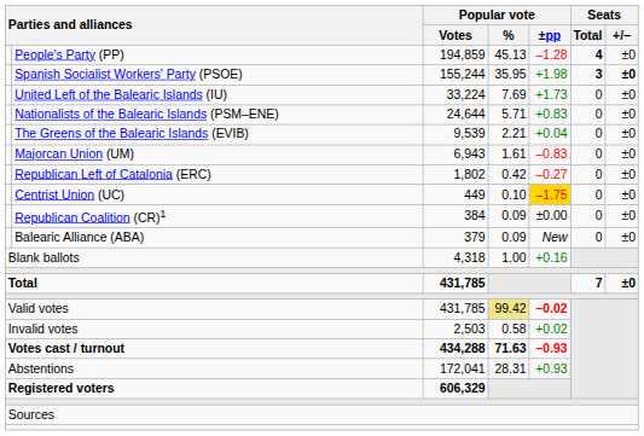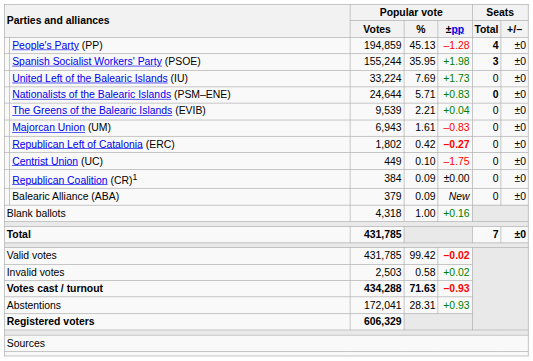 <table class="wikitable" style="text-align:right;">
 <tr>
 <th style="text-align:left;" rowspan="2" colspan="2" width="525">Parties and alliances</th>
 <th colspan="3">Popular vote</th>
 <th colspan="2">Seats</th>
 </tr>
 <tr>
 <th width="75">Votes</th>
 <th width="45">%</th>
 <th width="45">±<a href='#'>pp</a></th>
 <th width="35">Total</th>
 <th width="35">+/−</th>
 </tr>
 <tr>
 <td width="1" style="color:inherit;background:"></td>
 <td align="left"><a href='#'>People's Party</a> (PP)</td>
 <td>194,859</td>
 <td>45.13</td>
 <td style="color:red;">–1.28</td>
 <td><strong>4</strong></td>
 <td>±0</td>
 </tr>
 <tr>
 <td style="color:inherit;background:"></td>
 <td align="left"><a href='#'>Spanish Socialist Workers' Party</a> (PSOE)</td>
 <td>155,244</td>
 <td>35.95</td>
 <td style="color:green;">+1.98</td>
 <td><strong>3</strong></td>
-<td><strong>±0</strong></td>
+<td>±0</td>
 </tr>
 <tr>
 <td style="color:inherit;background:"></td>
 <td align="left"><a href='#'>United Left of the Balearic Islands</a> (IU)</td>
 <td>33,224</td>
 <td>7.69</td>
 <td style="color:green;">+1.73</td>
 <td>0</td>
 <td>±0</td>
 </tr>
 <tr>
 <td style="color:inherit;background:"></td>
 <td align="left"><a href='#'>Nationalists of the Balearic Islands</a> (PSM–ENE)</td>
 <td>24,644</td>
 <td>5.71</td>
 <td style="color:green;">+0.83</td>
-<td>0</td>
+<td><strong>0</strong></td>
 <td>±0</td>
 </tr>
 <tr>
 <td style="color:inherit;background:"></td>
 <td align="left"><a href='#'>The Greens of the Balearic Islands</a> (EVIB)</td>
 <td>9,539</td>
 <td>2.21</td>
 <td style="color:green;">+0.04</td>
 <td>0</td>
 <td>±0</td>
 </tr>
 <tr>
 <td style="color:inherit;background:"></td>
 <td align="left"><a href='#'>Majorcan Union</a> (UM)</td>
 <td>6,943</td>
 <td>1.61</td>
 <td style="color:red;">–0.83</td>
 <td>0</td>
 <td>±0</td>
 </tr>
 <tr>
 <td style="color:inherit;background:"></td>
 <td align="left"><a href='#'>Republican Left of Catalonia</a> (ERC)</td>
 <td>1,802</td>
 <td>0.42</td>
-<td style="color:red;">–0.27</td>
+<td style="color:red;"><strong>–0.27</strong></td>
 <td>0</td>
 <td>±0</td>
 </tr>
 <tr>
 <td style="color:inherit;background:"></td>
 <td align="left"><a href='#'>Centrist Union</a> (UC)</td>
 <td>449</td>
 <td>0.10</td>
-<td style="background: gold; color:red;">–1.75</td>
+<td style="color:red;">–1.75</td>
 <td>0</td>
 <td>±0</td>
 </tr>
 <tr>
 <td style="color:inherit;background:"></td>
 <td align="left"><a href='#'>Republican Coalition</a> (CR)<sup>1</sup></td>
 <td>384</td>
 <td>0.09</td>
 <td>±0.00</td>
 <td>0</td>
 <td>±0</td>
 </tr>
 <tr>
 <td style="color:inherit;background:"></td>
 <td align="left">Balearic Alliance (ABA)</td>
 <td>379</td>
 <td>0.09</td>
 <td><em>New</em></td>
 <td>0</td>
 <td>±0</td>
 </tr>
 <tr>
 <td align="left" colspan="2">Blank ballots</td>
 <td>4,318</td>
 <td>1.00</td>
 <td style="color:green;">+0.16</td>
 <td bgcolor="#E9E9E9" colspan="2"></td>
 </tr>
 <tr>
 <td colspan="7" bgcolor="#E9E9E9"></td>
 </tr>
 <tr style="font-weight:bold;">
 <td align="left" colspan="2">Total</td>
 <td>431,785</td>
 <td bgcolor="#E9E9E9" colspan="2"></td>
 <td>7</td>
 <td>±0</td>
 </tr>
 <tr>
 <td colspan="7" bgcolor="#E9E9E9"></td>
 </tr>
 <tr>
 <td align="left" colspan="2">Valid votes</td>
 <td>431,785</td>
-<td style="background: khaki;">99.42</td>
+<td>99.42</td>
 <td style="color:red;"><strong>–0.02</strong></td>
 <td bgcolor="#E9E9E9" colspan="2" rowspan="5"></td>
 </tr>
 <tr>
 <td align="left" colspan="2">Invalid votes</td>
 <td>2,503</td>
 <td>0.58</td>
 <td style="color:green;">+0.02</td>
 </tr>
 <tr style="font-weight:bold;">
 <td align="left" colspan="2">Votes cast / turnout</td>
 <td>434,288</td>
 <td>71.63</td>
 <td style="color:red;">–0.93</td>
 </tr>
 <tr>
 <td align="left" colspan="2">Abstentions</td>
 <td>172,041</td>
 <td>28.31</td>
 <td style="color:green;">+0.93</td>
 </tr>
 <tr style="font-weight:bold;">
 <td align="left" colspan="2">Registered voters</td>
 <td>606,329</td>
 <td bgcolor="#E9E9E9" colspan="2"></td>
 </tr>
 <tr>
 <td colspan="7" bgcolor="#E9E9E9"></td>
 </tr>
 <tr>
 <td align="left" colspan="7">Sources</td>
 </tr>
 <tr>
 <td colspan="7" style="text-align:left; max-width:790px;"></td>
 </tr>
 </table>
